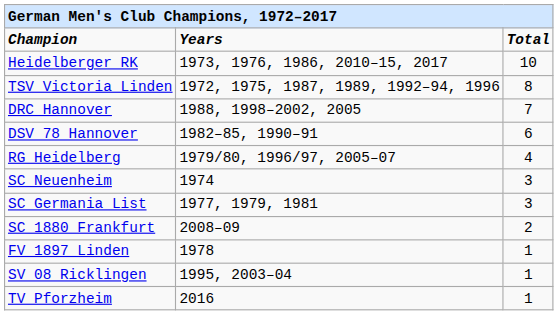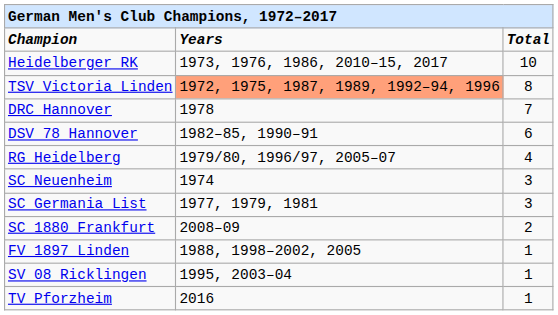 <table class="wikitable">
 <tr>
 <td style="background: #D0E6FF;" colspan="3"><strong>German Men's Club Champions, 1972–2017</strong></td>
 </tr>
 <tr>
 <td><strong><em>Champion</em></strong></td>
 <td><strong><em>Years</em></strong></td>
 <td><strong><em>Total</em></strong></td>
 </tr>
 <tr>
 <td><a href='#'>Heidelberger RK</a></td>
 <td>1973, 1976, 1986, 2010–15, 2017</td>
 <td style="border-collapse:collapse; text-align:center;">10</td>
 </tr>
 <tr>
 <td><a href='#'>TSV Victoria Linden</a></td>
-<td>1972, 1975, 1987, 1989, 1992–94, 1996</td>
+<td style="background: lightsalmon;">1972, 1975, 1987, 1989, 1992–94, 1996</td>
 <td style="border-collapse:collapse; text-align:center;">8</td>
 </tr>
 <tr>
 <td><a href='#'>DRC Hannover</a></td>
-<td>1988, 1998–2002, 2005</td>
+<td>1978</td>
 <td style="border-collapse:collapse; text-align:center;">7</td>
 </tr>
 <tr>
 <td><a href='#'>DSV 78 Hannover</a></td>
 <td>1982–85, 1990–91</td>
 <td style="border-collapse:collapse; text-align:center;">6</td>
 </tr>
 <tr>
 <td><a href='#'>RG Heidelberg</a></td>
 <td>1979/80, 1996/97, 2005–07</td>
 <td style="border-collapse:collapse; text-align:center;">4</td>
 </tr>
 <tr>
 <td><a href='#'>SC Neuenheim</a></td>
 <td>1974</td>
 <td style="border-collapse:collapse; text-align:center;">3</td>
 </tr>
 <tr>
 <td><a href='#'>SC Germania List</a></td>
 <td>1977, 1979, 1981</td>
 <td style="border-collapse:collapse; text-align:center;">3</td>
 </tr>
 <tr>
 <td><a href='#'>SC 1880 Frankfurt</a></td>
 <td>2008–09</td>
 <td style="border-collapse:collapse; text-align:center;">2</td>
 </tr>
 <tr>
 <td><a href='#'>FV 1897 Linden</a></td>
-<td>1978</td>
+<td>1988, 1998–2002, 2005</td>
 <td style="border-collapse:collapse; text-align:center;">1</td>
 </tr>
 <tr>
 <td><a href='#'>SV 08 Ricklingen</a></td>
 <td>1995, 2003–04</td>
 <td style="border-collapse:collapse; text-align:center;">1</td>
 </tr>
 <tr>
 <td><a href='#'>TV Pforzheim</a></td>
 <td>2016</td>
 <td style="border-collapse:collapse; text-align:center;">1</td>
 </tr>
 </table>
